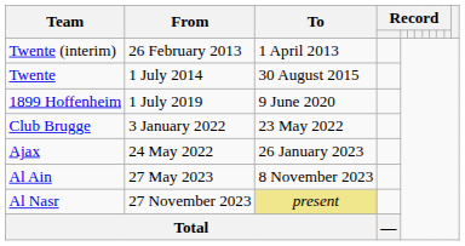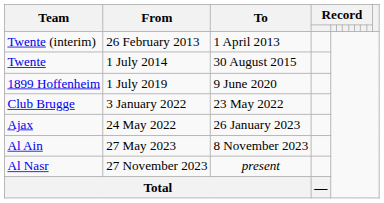 <table class="wikitable" style="text-align: center">
 <tr>
 <th rowspan="2">Team</th>
 <th rowspan="2">From</th>
 <th rowspan="2">To</th>
 <th colspan="8">Record</th>
 <th rowspan=2></th>
 </tr>
 <tr>
 <th></th>
 <th></th>
 <th></th>
 <th></th>
 <th></th>
 <th></th>
 <th></th>
 <th></th>
 </tr>
 <tr>
 <td align=left><a href='#'>Twente</a> (interim)</td>
 <td align=left>26 February 2013</td>
 <td align=left>1 April 2013<br></td>
 <td></td>
 </tr>
 <tr>
 <td align=left><a href='#'>Twente</a></td>
 <td align=left>1 July 2014</td>
 <td align=left>30 August 2015<br></td>
 <td></td>
 </tr>
 <tr>
 <td align=left><a href='#'>1899 Hoffenheim</a></td>
 <td align=left>1 July 2019</td>
 <td align=left>9 June 2020<br></td>
 <td></td>
 </tr>
 <tr>
 <td align=left><a href='#'>Club Brugge</a></td>
 <td align=left>3 January 2022</td>
 <td align=left>23 May 2022<br></td>
 <td></td>
 </tr>
 <tr>
 <td align=left><a href='#'>Ajax</a></td>
 <td align=left>24 May 2022</td>
 <td align=left>26 January 2023<br></td>
 <td></td>
 </tr>
 <tr>
 <td align=left><a href='#'>Al Ain</a></td>
 <td align=left>27 May 2023</td>
 <td align=left>8 November 2023<br></td>
 <td></td>
 </tr>
 <tr>
 <td align=left><a href='#'>Al Nasr</a></td>
 <td align=left>27 November 2023</td>
-<td align=center style="background: khaki;"><em>present</em><br></td>
+<td align=center><em>present</em><br></td>
 <td></td>
 </tr>
 <tr>
 <th colspan="3">Total<br></th>
 <th>—</th>
 </tr>
 </table>
